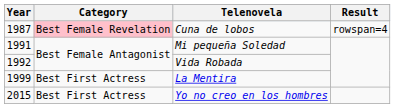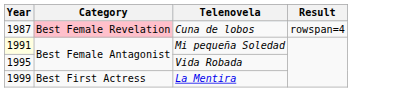 <table class="wikitable">
 <tr style="background:#b0c4de;">
 <th>Year</th>
 <th>Category</th>
 <th>Telenovela</th>
 <th>Result</th>
 </tr>
 <tr>
 <td>1987</td>
 <td style="background: pink;">Best Female Revelation</td>
 <td><em>Cuna de lobos</em></td>
 <td>rowspan=4 </td>
 </tr>
 <tr>
-<td>1991</td>
+<td style="background: lightyellow;">1991</td>
 <td rowspan=2>Best Female Antagonist</td>
 <td><em>Mi pequeña Soledad</em></td>
 </tr>
 <tr>
-<td>1992</td>
+<td>1995</td>
 <td><em>Vida Robada</em></td>
 </tr>
 <tr>
 <td>1999</td>
 <td>Best First Actress</td>
 <td><em><a href='#'>La Mentira</a></em></td>
 </tr>
-<tr>
-<td>2015</td>
-<td>Best First Actress</td>
-<td><em><a href='#'>Yo no creo en los hombres</a></em></td>
-<td></td>
-</tr>
 </table>
